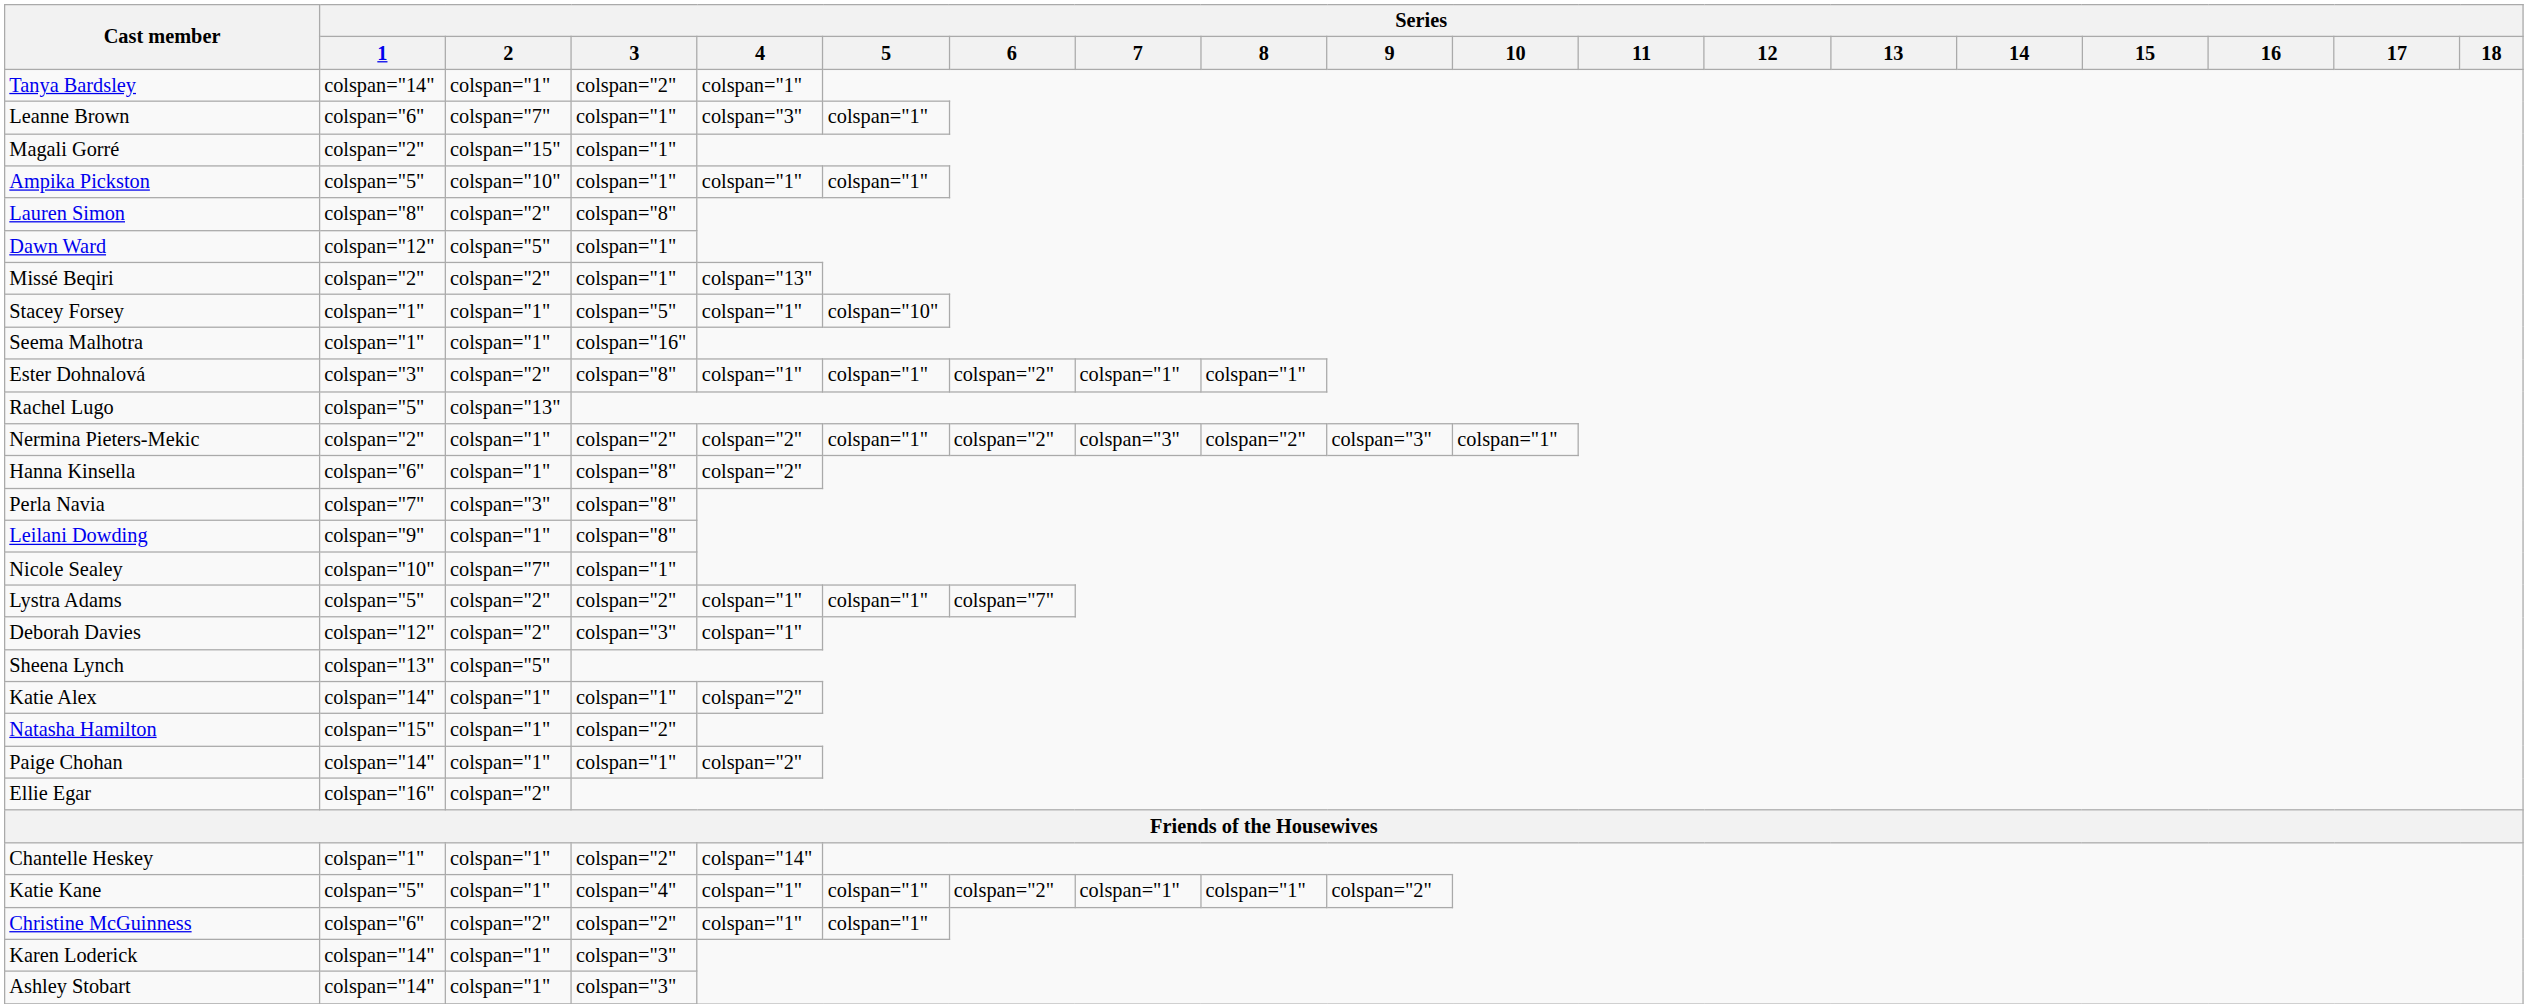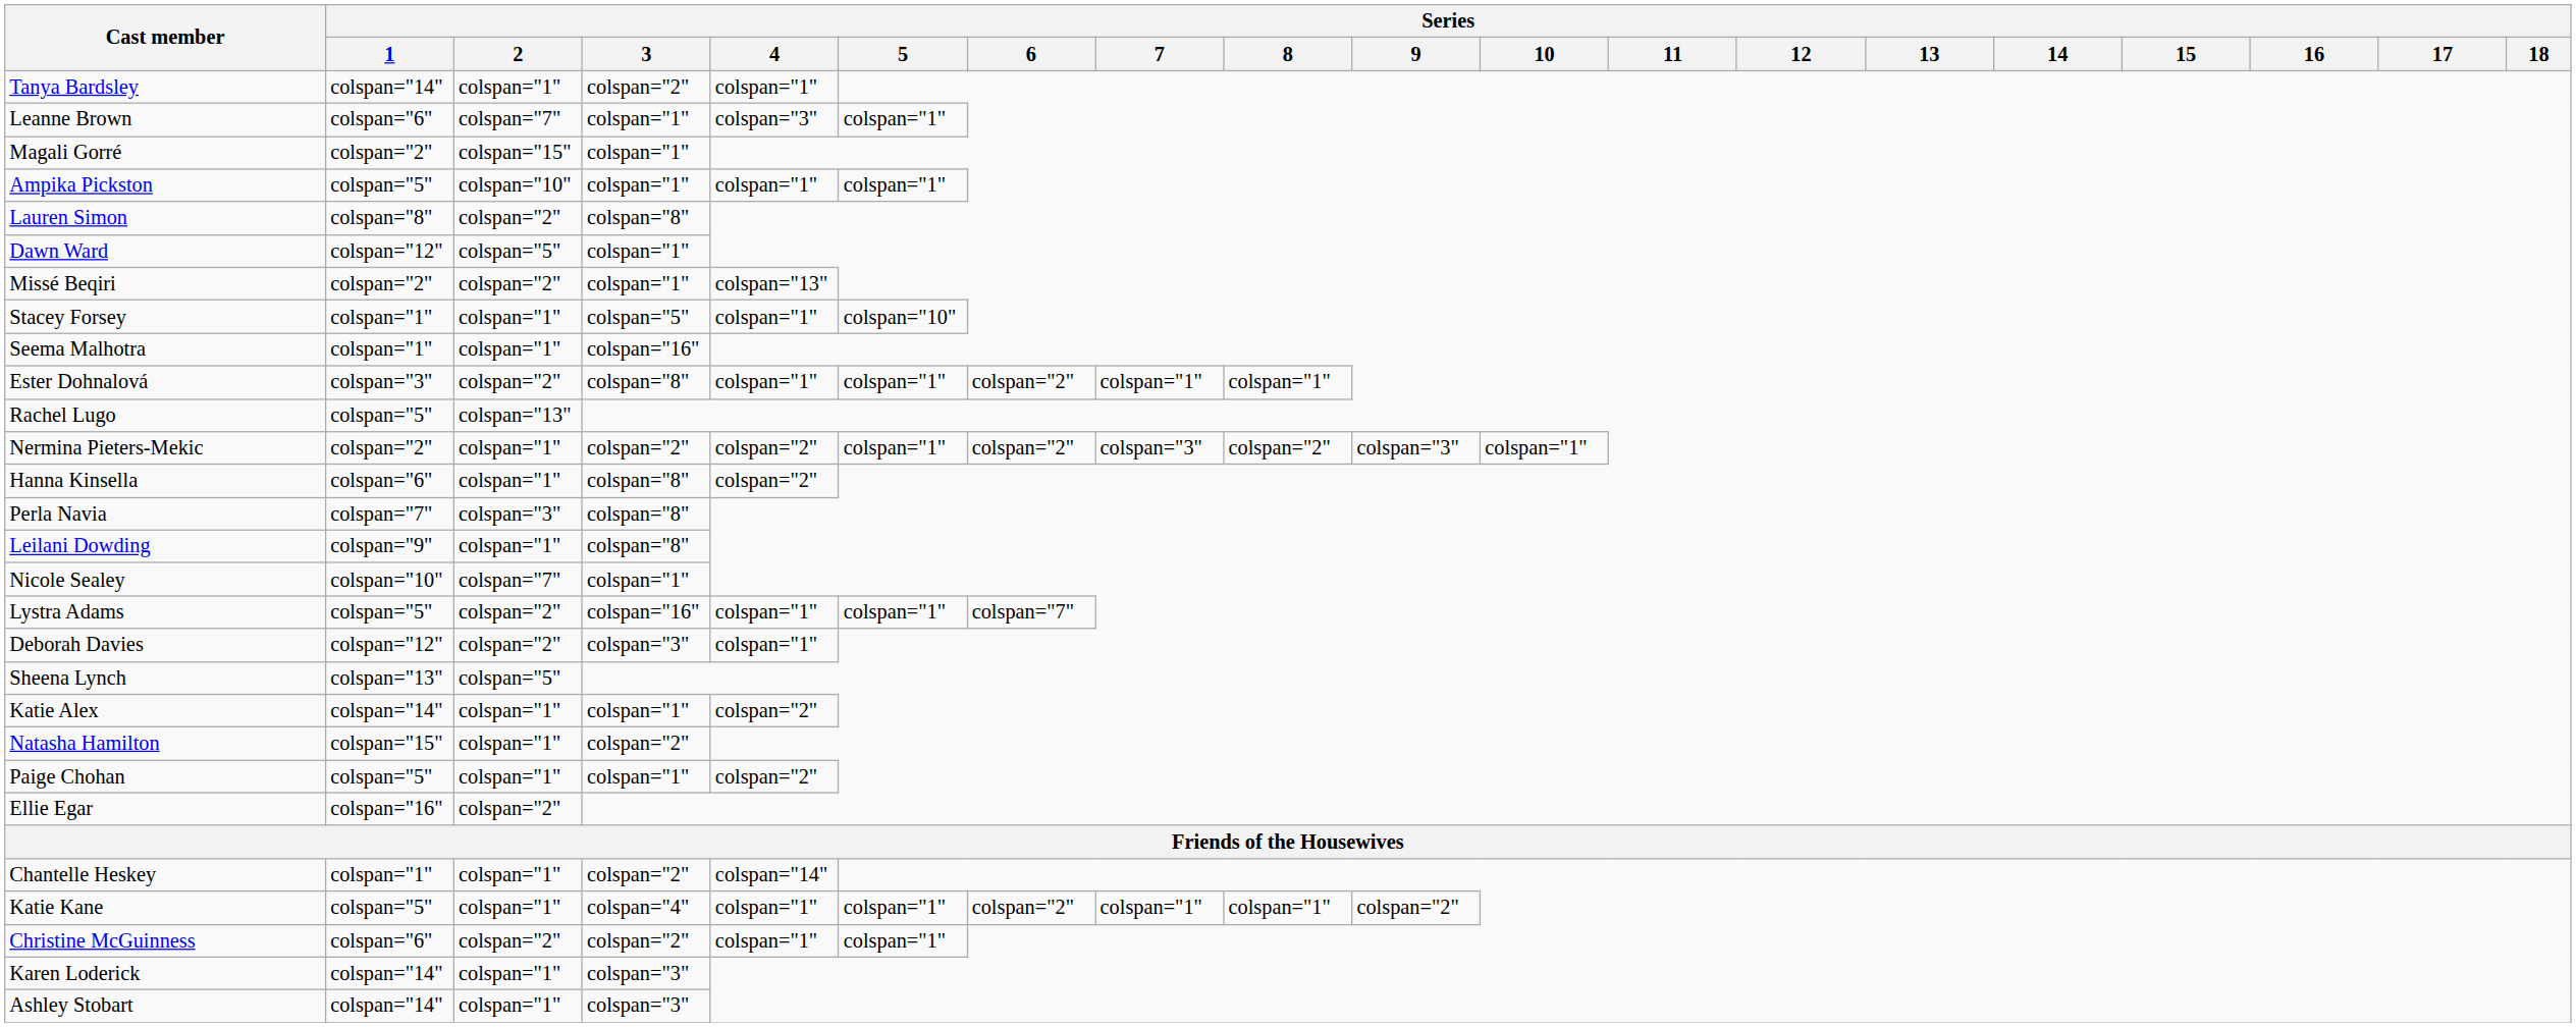 <table class="wikitable plainrowheaders" style="width:100%;">
 <tr>
 <th rowspan="2" style="width:12.5%;">Cast member</th>
 <th colspan="18">Series</th>
 </tr>
 <tr>
 <th style="width:5%;"><a href='#'>1</a></th>
 <th style="width:5%;">2</th>
 <th style="width:5%;">3</th>
 <th style="width:5%;">4</th>
 <th style="width:5%;">5</th>
 <th style="width:5%;">6</th>
 <th style="width:5%;">7</th>
 <th style="width:5%;">8</th>
 <th style="width:5%;">9</th>
 <th style="width:5%;">10</th>
 <th style="width:5%;">11</th>
 <th style="width:5%;">12</th>
 <th style="width:5%;">13</th>
 <th style="width:5%;">14</th>
 <th style="width:5%;">15</th>
 <th style="width:5%;">16</th>
 <th style="width:5%;">17</th>
 <th style="width:5%;">18</th>
 </tr>
 <tr>
 <td scope="row"><a href='#'>Tanya Bardsley</a></td>
 <td>colspan="14" </td>
 <td>colspan="1" </td>
 <td>colspan="2" </td>
 <td>colspan="1" </td>
 </tr>
 <tr>
 <td scope="row">Leanne Brown</td>
 <td>colspan="6" </td>
 <td>colspan="7" </td>
 <td>colspan="1" </td>
 <td>colspan="3" </td>
 <td>colspan="1" </td>
 </tr>
 <tr>
 <td scope="row">Magali Gorré</td>
 <td>colspan="2" </td>
 <td>colspan="15" </td>
 <td>colspan="1" </td>
 </tr>
 <tr>
 <td scope="row"><a href='#'>Ampika Pickston</a></td>
 <td>colspan="5" </td>
 <td>colspan="10" </td>
 <td>colspan="1" </td>
 <td>colspan="1" </td>
 <td>colspan="1" </td>
 </tr>
 <tr>
 <td scope="row"><a href='#'>Lauren Simon</a></td>
 <td>colspan="8" </td>
 <td>colspan="2" </td>
 <td>colspan="8" </td>
 </tr>
 <tr>
 <td scope="row"><a href='#'>Dawn Ward</a></td>
 <td>colspan="12" </td>
 <td>colspan="5" </td>
 <td>colspan="1" </td>
 </tr>
 <tr>
 <td scope="row">Missé Beqiri</td>
 <td>colspan="2" </td>
 <td>colspan="2" </td>
 <td>colspan="1" </td>
 <td>colspan="13" </td>
 </tr>
 <tr>
 <td scope="row">Stacey Forsey</td>
 <td>colspan="1" </td>
 <td>colspan="1" </td>
 <td>colspan="5" </td>
 <td>colspan="1" </td>
 <td>colspan="10" </td>
 </tr>
 <tr>
 <td scope="row">Seema Malhotra</td>
 <td>colspan="1" </td>
 <td>colspan="1" </td>
 <td>colspan="16" </td>
 </tr>
 <tr>
 <td scope="row">Ester Dohnalová</td>
 <td>colspan="3" </td>
 <td>colspan="2" </td>
 <td>colspan="8" </td>
 <td>colspan="1" </td>
 <td>colspan="1" </td>
 <td>colspan="2" </td>
 <td>colspan="1" </td>
 <td>colspan="1" </td>
 </tr>
 <tr>
 <td scope="row">Rachel Lugo</td>
 <td>colspan="5" </td>
 <td>colspan="13" </td>
 </tr>
 <tr>
 <td nowrap>Nermina Pieters-Mekic</td>
 <td>colspan="2" </td>
 <td>colspan="1" </td>
 <td>colspan="2" </td>
 <td>colspan="2" </td>
 <td>colspan="1" </td>
 <td>colspan="2" </td>
 <td>colspan="3" </td>
 <td>colspan="2" </td>
 <td>colspan="3" </td>
 <td>colspan="1" </td>
 </tr>
 <tr>
 <td scope="row">Hanna Kinsella</td>
 <td>colspan="6" </td>
 <td>colspan="1" </td>
 <td>colspan="8" </td>
 <td>colspan="2" </td>
 </tr>
 <tr>
 <td scope="row">Perla Navia</td>
 <td>colspan="7" </td>
 <td>colspan="3" </td>
 <td>colspan="8" </td>
 </tr>
 <tr>
 <td scope="row"><a href='#'>Leilani Dowding</a></td>
 <td>colspan="9" </td>
 <td>colspan="1" </td>
 <td>colspan="8" </td>
 </tr>
 <tr>
 <td scope="row">Nicole Sealey</td>
 <td>colspan="10" </td>
 <td>colspan="7" </td>
 <td>colspan="1" </td>
 </tr>
 <tr>
 <td scope="row">Lystra Adams</td>
 <td>colspan="5" </td>
 <td>colspan="2" </td>
-<td>colspan="2" </td>
+<td>colspan="16" </td>
 <td>colspan="1" </td>
 <td>colspan="1" </td>
 <td>colspan="7" </td>
 </tr>
 <tr>
 <td scope="row">Deborah Davies</td>
 <td>colspan="12" </td>
 <td>colspan="2" </td>
 <td>colspan="3"  </td>
 <td>colspan="1" </td>
 </tr>
 <tr>
 <td scope="row">Sheena Lynch</td>
 <td>colspan="13" </td>
 <td>colspan="5" </td>
 </tr>
 <tr>
 <td scope="row">Katie Alex</td>
 <td>colspan="14" </td>
 <td>colspan="1" </td>
 <td>colspan="1" </td>
 <td>colspan="2" </td>
 </tr>
 <tr>
 <td scope="row"><a href='#'>Natasha Hamilton</a></td>
 <td>colspan="15" </td>
 <td>colspan="1" </td>
 <td>colspan="2" </td>
 </tr>
 <tr>
 <td scope="row">Paige Chohan</td>
-<td>colspan="14" </td>
+<td>colspan="5" </td>
 <td>colspan="1" </td>
 <td>colspan="1" </td>
 <td>colspan="2" </td>
 </tr>
 <tr>
 <td scope="row">Ellie Egar</td>
 <td>colspan="16" </td>
 <td>colspan="2" </td>
 </tr>
 <tr>
 <th colspan="19" scope="col" style="width:25%;">Friends of the Housewives</th>
 </tr>
 <tr>
 <td scope="row">Chantelle Heskey</td>
 <td>colspan="1" </td>
 <td>colspan="1" </td>
 <td>colspan="2" </td>
 <td>colspan="14" </td>
 </tr>
 <tr>
 <td scope="row">Katie Kane</td>
 <td>colspan="5" </td>
 <td>colspan="1" </td>
 <td>colspan="4" </td>
 <td>colspan="1" </td>
 <td>colspan="1" </td>
 <td>colspan="2" </td>
 <td>colspan="1" </td>
 <td>colspan="1" </td>
 <td>colspan="2" </td>
 </tr>
 <tr>
 <td scope="row"><a href='#'>Christine McGuinness</a></td>
 <td>colspan="6" </td>
 <td>colspan="2" </td>
 <td>colspan="2" </td>
 <td>colspan="1" </td>
 <td>colspan="1" </td>
 </tr>
 <tr>
 <td scope="row">Karen Loderick</td>
 <td>colspan="14" </td>
 <td>colspan="1" </td>
 <td>colspan="3" </td>
 </tr>
 <tr>
 <td scope="row">Ashley Stobart</td>
 <td>colspan="14" </td>
 <td>colspan="1" </td>
 <td>colspan="3" </td>
 </tr>
 <tr>
 </tr>
 </table>
